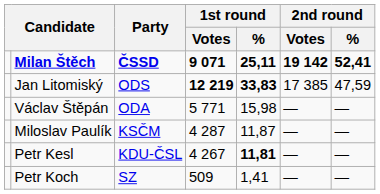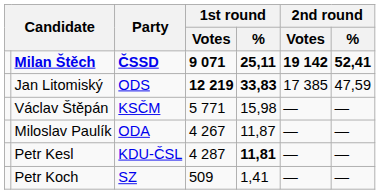 <table class="wikitable sortable">
 <tr>
 <th colspan="2" rowspan="2">Candidate</th>
 <th rowspan="2">Party</th>
 <th colspan="2">1st round</th>
 <th colspan="2">2nd round</th>
 </tr>
 <tr>
 <th>Votes</th>
 <th>%</th>
 <th>Votes</th>
 <th>%</th>
 </tr>
 <tr>
 <td style="background-color:"></td>
 <td><strong><a href='#'>Milan Štěch</a></strong></td>
 <td><a href='#'><strong>ČSSD</strong></a></td>
 <td><strong>9 071</strong></td>
 <td><strong>25,11</strong></td>
 <td><strong>19 142</strong></td>
 <td><strong>52,41</strong></td>
 </tr>
 <tr>
 <td style="background-color:"></td>
 <td>Jan Litomiský</td>
 <td><a href='#'>ODS</a></td>
 <td><strong>12 219</strong></td>
 <td><strong>33,83</strong></td>
 <td>17 385</td>
 <td>47,59</td>
 </tr>
 <tr>
 <td style="background-color:"></td>
 <td>Václav Štěpán</td>
-<td><a href='#'>ODA</a></td>
+<td><a href='#'>KSČM</a></td>
 <td>5 771</td>
 <td>15,98</td>
 <td>—</td>
 <td>—</td>
 </tr>
 <tr>
 <td style="background-color:"></td>
 <td>Miloslav Paulík</td>
-<td><a href='#'>KSČM</a></td>
-<td>4 287</td>
+<td><a href='#'>ODA</a></td>
+<td>4 267</td>
 <td>11,87</td>
 <td>—</td>
 <td>—</td>
 </tr>
 <tr>
 <td style="background-color:"></td>
 <td>Petr Kesl</td>
 <td><a href='#'>KDU-ČSL</a></td>
-<td>4 267</td>
+<td>4 287</td>
 <td><strong>11,81</strong></td>
 <td>—</td>
 <td>—</td>
 </tr>
 <tr>
 <td style="background-color:"></td>
 <td>Petr Koch</td>
 <td><a href='#'>SZ</a></td>
 <td>509</td>
 <td>1,41</td>
 <td>—</td>
 <td>—</td>
 </tr>
 </table>
